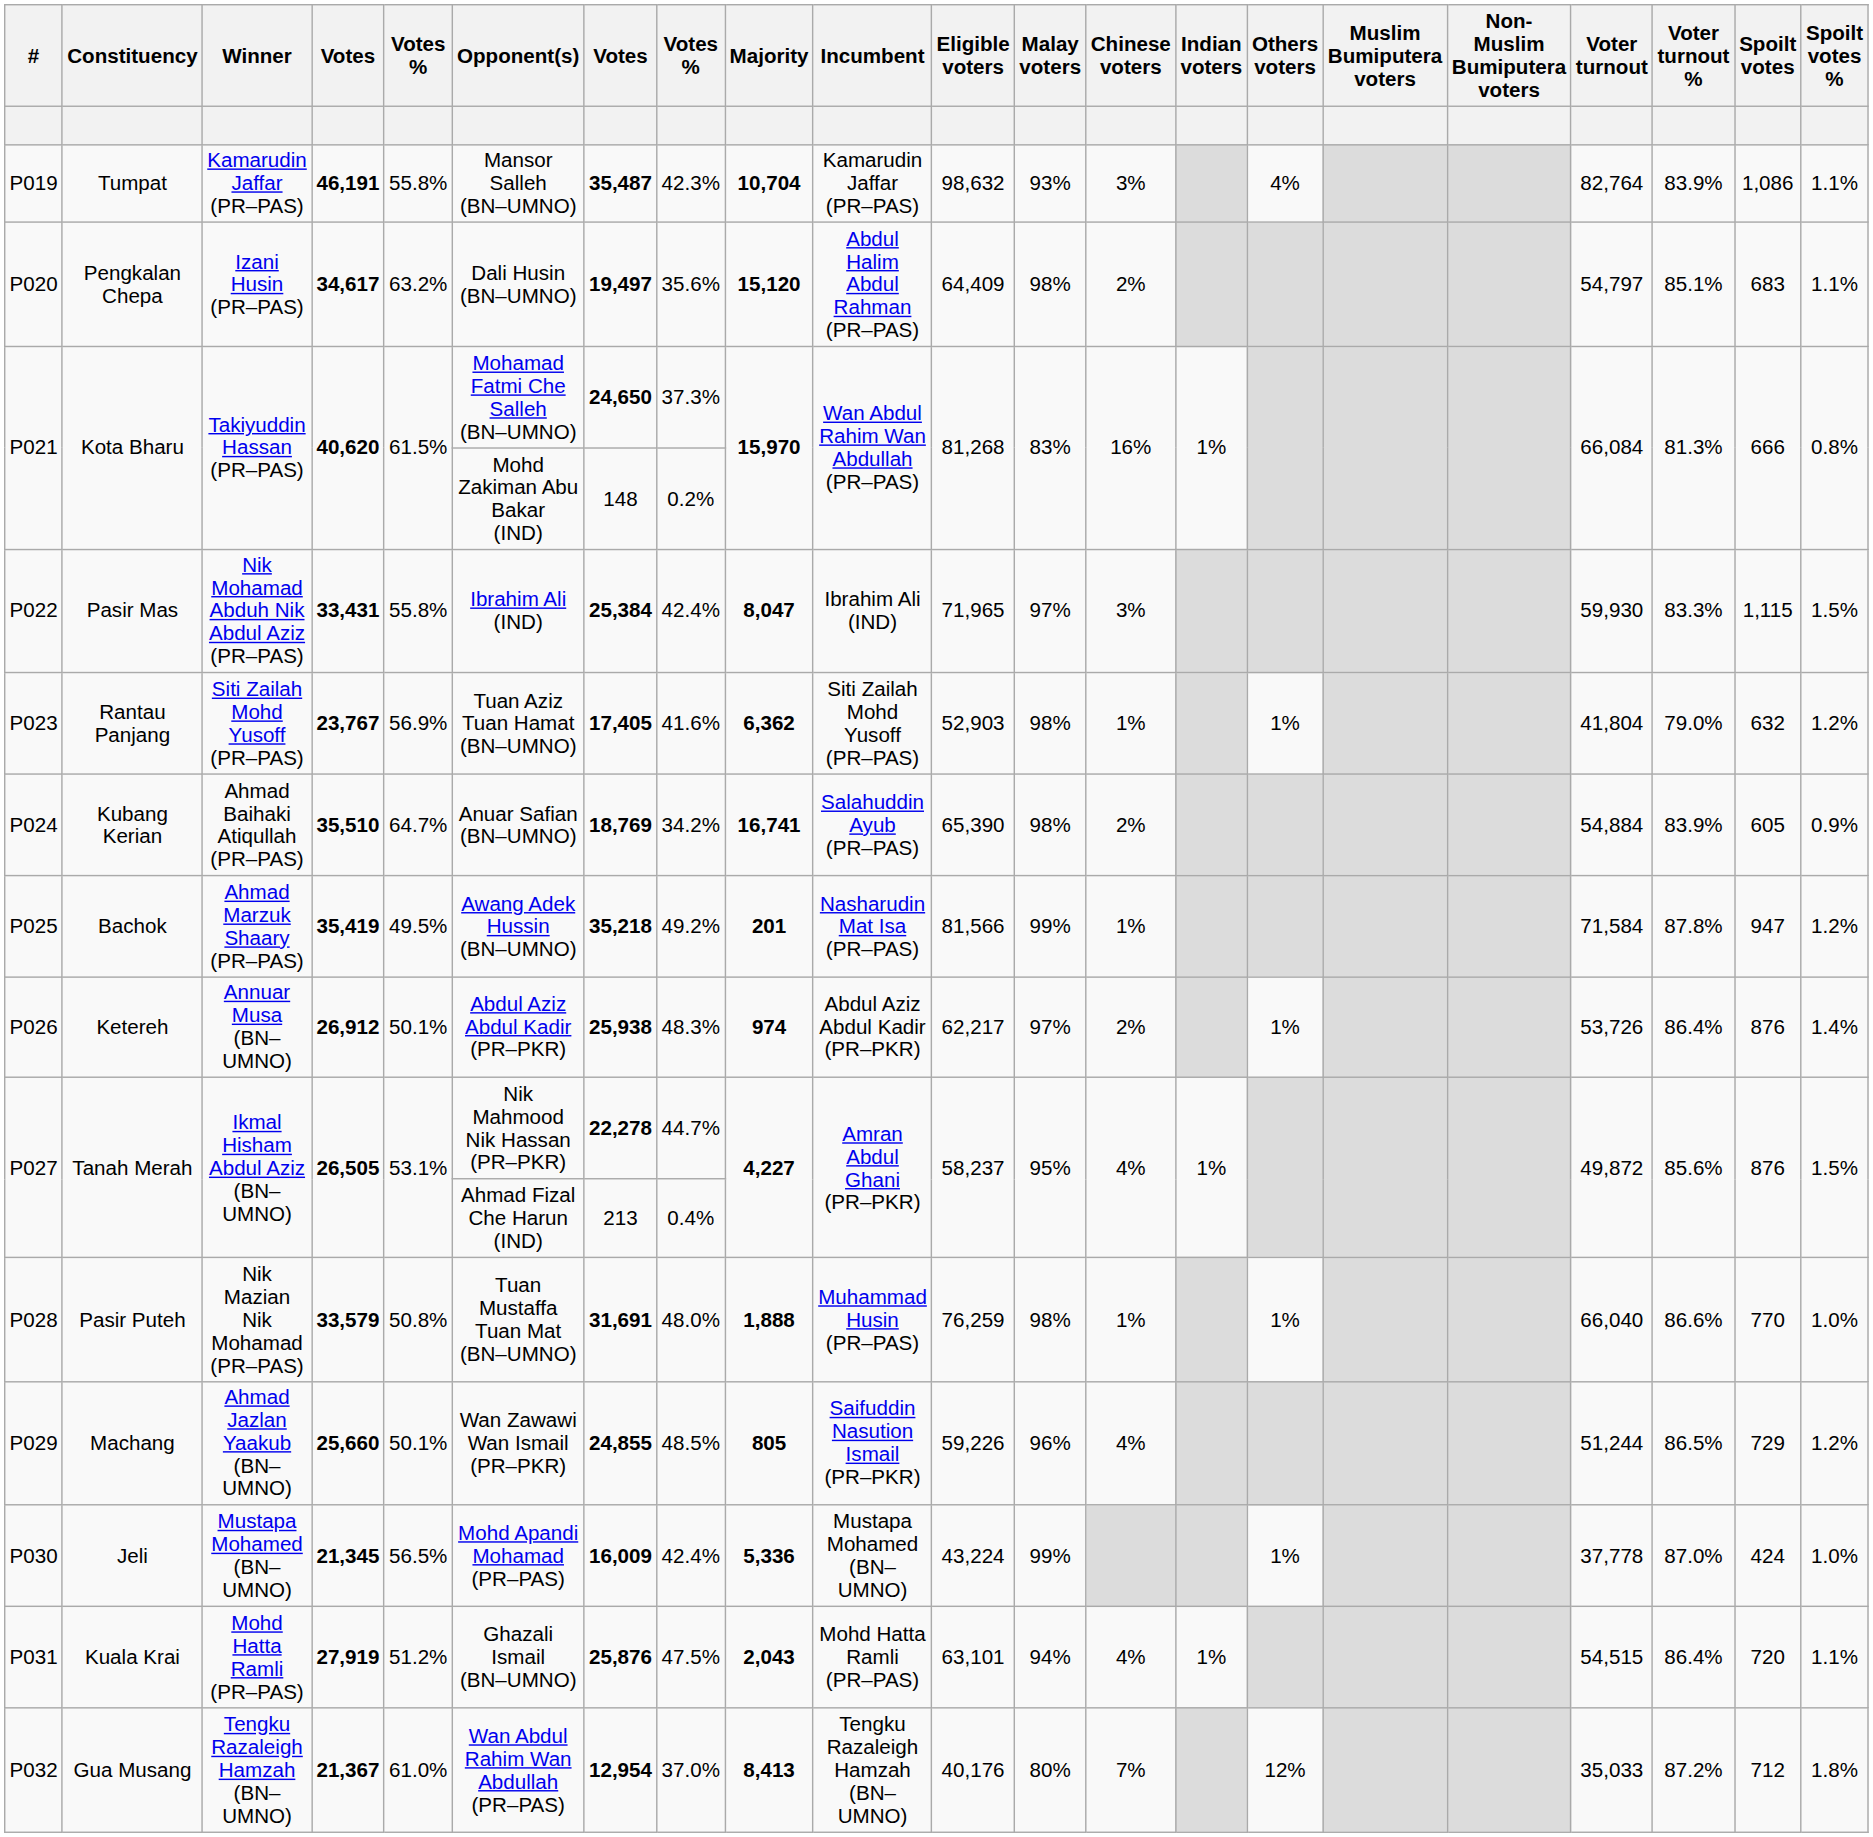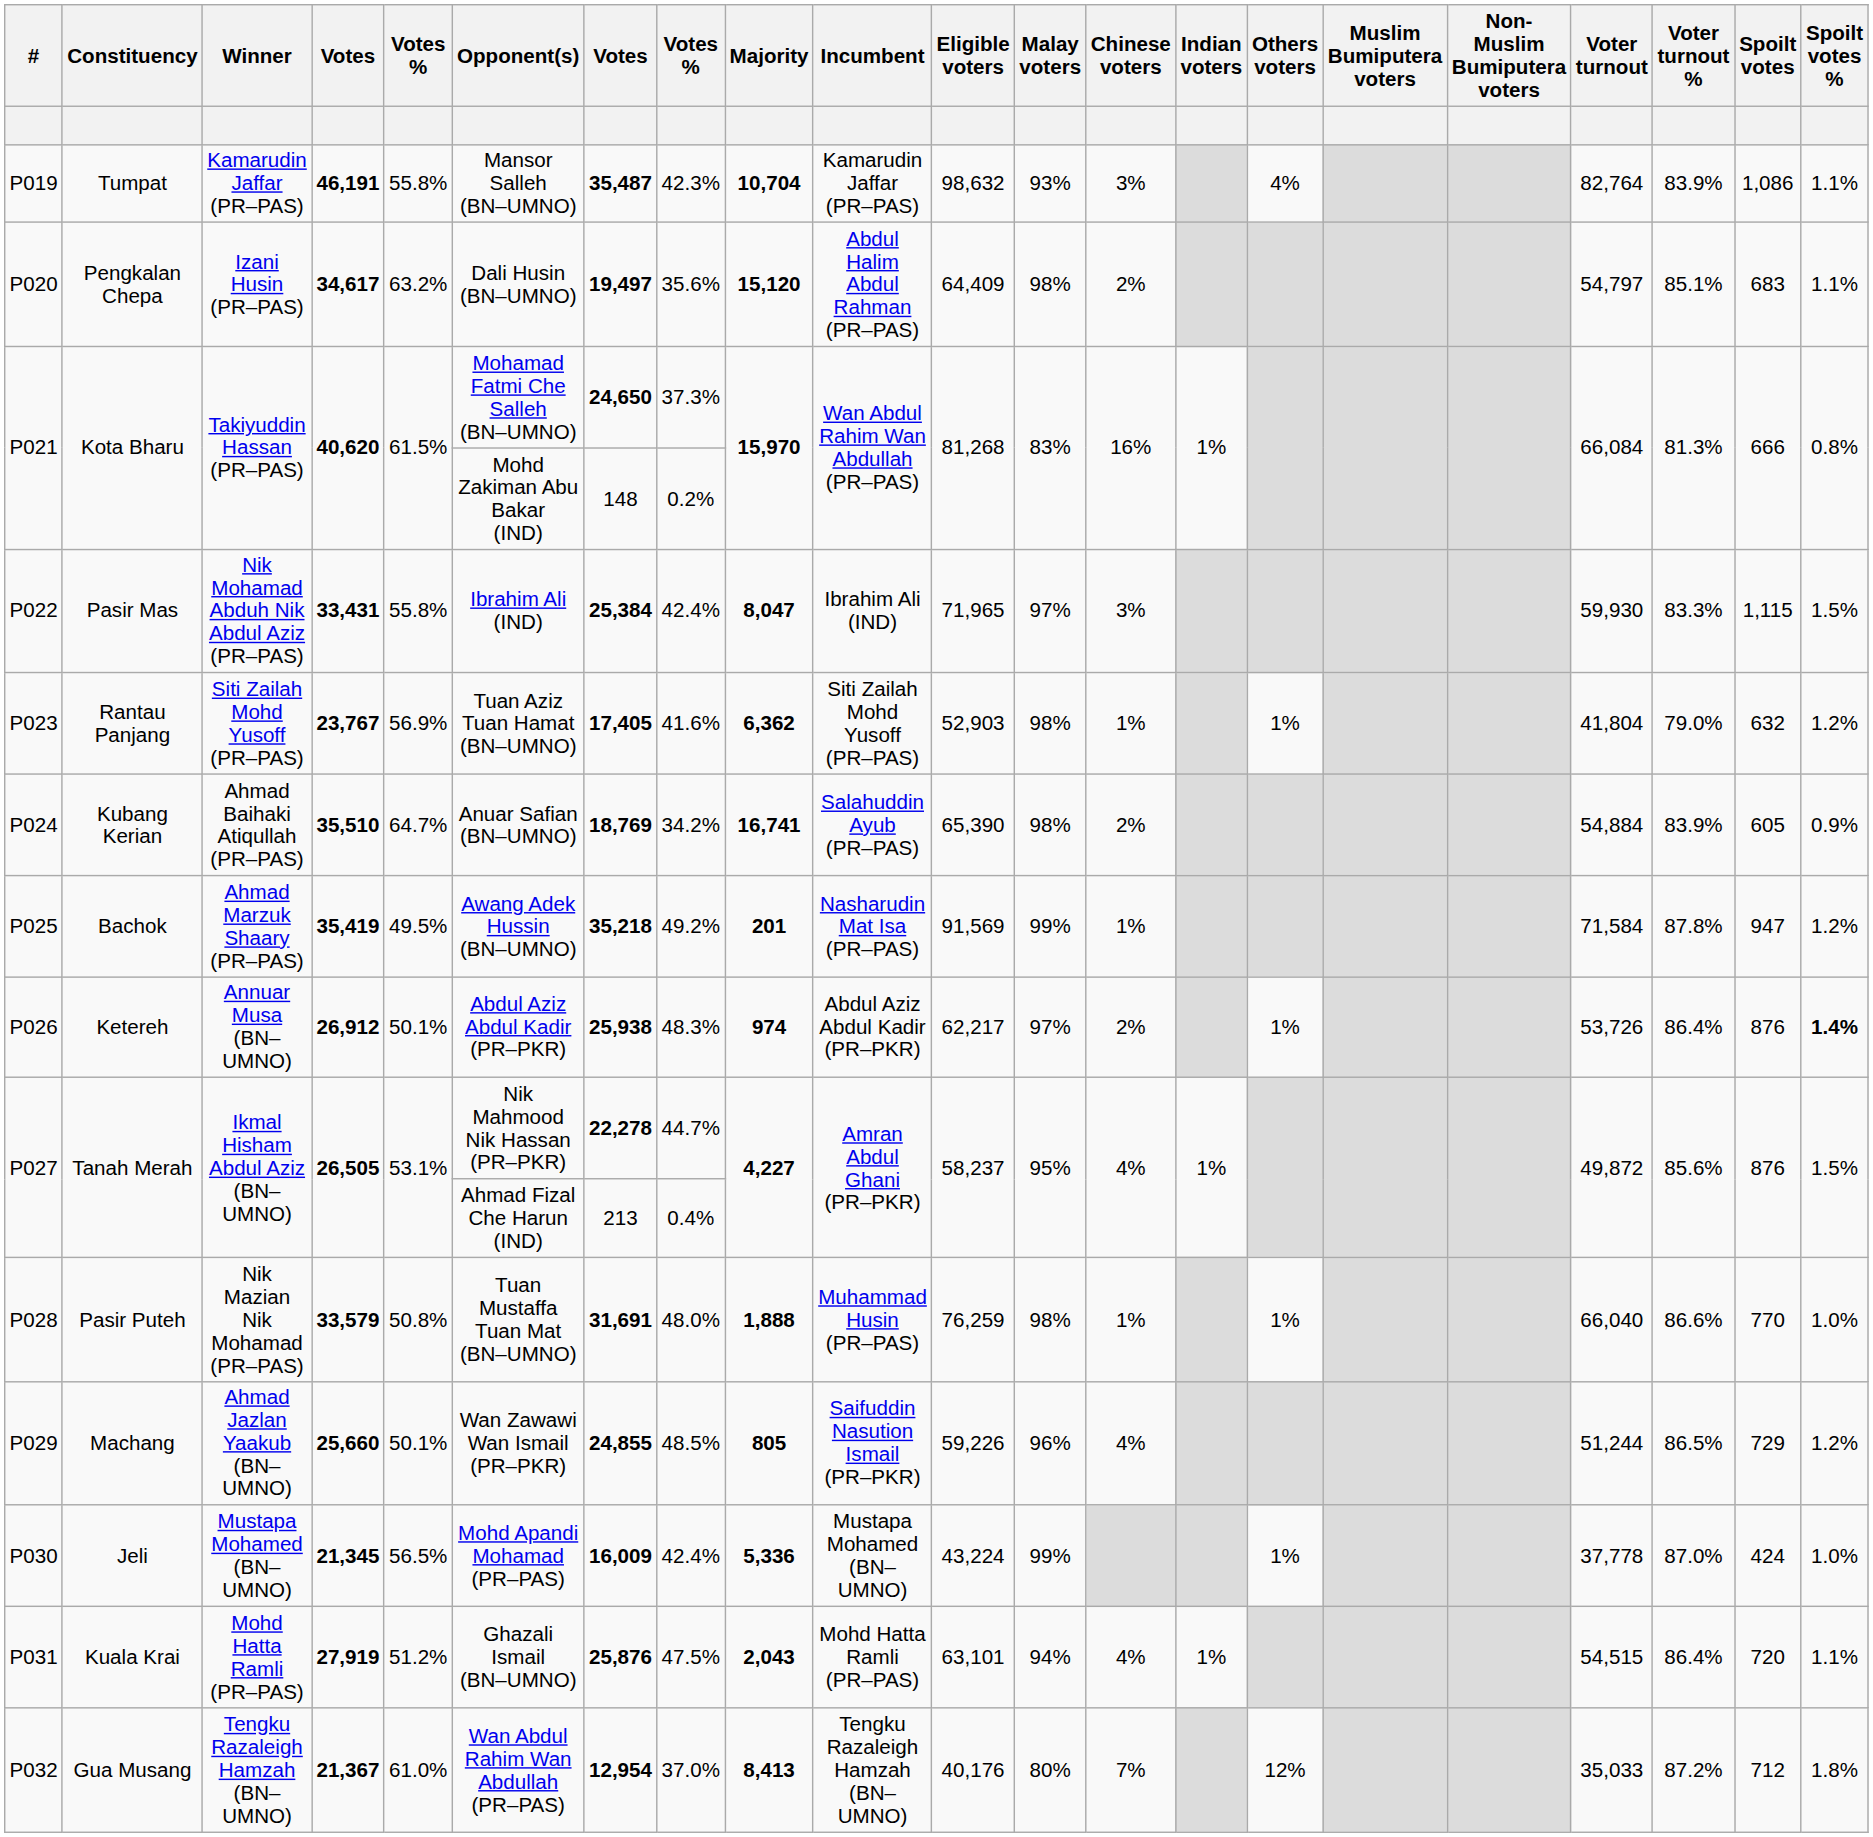 <table class="wikitable sortable" style="text-align:center; font-size:90%">
 <tr>
 <th width="30">#</th>
 <th width="60">Constituency</th>
 <th width="150">Winner</th>
 <th width="50">Votes</th>
 <th width="50">Votes %</th>
 <th width="150">Opponent(s)</th>
 <th width="50">Votes</th>
 <th width="50">Votes %</th>
 <th width="50">Majority</th>
 <th width="150">Incumbent</th>
 <th width="50">Eligible voters</th>
 <th width="50">Malay voters</th>
 <th width="50">Chinese voters</th>
 <th width="50">Indian voters</th>
 <th width="50">Others voters</th>
 <th width="50">Muslim Bumiputera voters</th>
 <th width="50">Non-Muslim Bumiputera voters</th>
 <th width="50">Voter turnout</th>
 <th width="50">Voter turnout %</th>
 <th width="50">Spoilt votes</th>
 <th width="50">Spoilt votes %</th>
 </tr>
 <tr>
 <th height="20"></th>
 <th></th>
 <th></th>
 <th></th>
 <th></th>
 <th></th>
 <th></th>
 <th></th>
 <th></th>
 <th></th>
 <th></th>
 <th></th>
 <th></th>
 <th></th>
 <th></th>
 <th></th>
 <th></th>
 <th></th>
 <th></th>
 <th></th>
 <th></th>
 </tr>
 <tr>
 <td>P019</td>
 <td>Tumpat</td>
 <td><a href='#'>Kamarudin Jaffar</a><br>(PR–PAS)</td>
 <td><strong>46,191</strong></td>
 <td>55.8%</td>
 <td>Mansor Salleh<br>(BN–UMNO)</td>
 <td><strong>35,487</strong></td>
 <td>42.3%</td>
 <td><strong>10,704</strong></td>
 <td>Kamarudin Jaffar<br>(PR–PAS)</td>
 <td>98,632</td>
 <td>93%</td>
 <td>3%</td>
 <td bgcolor="dcdcdc"></td>
 <td>4%</td>
 <td bgcolor="dcdcdc"></td>
 <td bgcolor="dcdcdc"></td>
 <td>82,764</td>
 <td>83.9%</td>
 <td>1,086</td>
 <td>1.1%</td>
 </tr>
 <tr>
 <td>P020</td>
 <td>Pengkalan Chepa</td>
 <td><a href='#'>Izani Husin</a><br>(PR–PAS)</td>
 <td><strong>34,617</strong></td>
 <td>63.2%</td>
 <td>Dali Husin<br>(BN–UMNO)</td>
 <td><strong>19,497</strong></td>
 <td>35.6%</td>
 <td><strong>15,120</strong></td>
 <td><a href='#'>Abdul Halim Abdul Rahman</a><br>(PR–PAS)</td>
 <td>64,409</td>
 <td>98%</td>
 <td>2%</td>
 <td bgcolor="dcdcdc"></td>
 <td bgcolor="dcdcdc"></td>
 <td bgcolor="dcdcdc"></td>
 <td bgcolor="dcdcdc"></td>
 <td>54,797</td>
 <td>85.1%</td>
 <td>683</td>
 <td>1.1%</td>
 </tr>
 <tr>
 <td rowspan="2">P021</td>
 <td rowspan="2">Kota Bharu</td>
 <td rowspan="2"><a href='#'>Takiyuddin Hassan</a><br>(PR–PAS)</td>
 <td rowspan="2"><strong>40,620</strong></td>
 <td rowspan="2">61.5%</td>
 <td><a href='#'>Mohamad Fatmi Che Salleh</a><br>(BN–UMNO)</td>
 <td><strong>24,650</strong></td>
 <td>37.3%</td>
 <td rowspan="2"><strong>15,970</strong></td>
 <td rowspan="2"><a href='#'>Wan Abdul Rahim Wan Abdullah</a><br>(PR–PAS)</td>
 <td rowspan="2">81,268</td>
 <td rowspan="2">83%</td>
 <td rowspan="2">16%</td>
 <td rowspan="2">1%</td>
 <td rowspan="2" bgcolor="dcdcdc"></td>
 <td rowspan="2" bgcolor="dcdcdc"></td>
 <td rowspan="2" bgcolor="dcdcdc"></td>
 <td rowspan="2">66,084</td>
 <td rowspan="2">81.3%</td>
 <td rowspan="2">666</td>
 <td rowspan="2">0.8%</td>
 </tr>
 <tr>
 <td>Mohd Zakiman Abu Bakar<br>(IND)</td>
 <td>148</td>
 <td>0.2%</td>
 </tr>
 <tr>
 <td>P022</td>
 <td>Pasir Mas</td>
 <td><a href='#'>Nik Mohamad Abduh Nik Abdul Aziz</a><br>(PR–PAS)</td>
 <td><strong>33,431</strong></td>
 <td>55.8%</td>
 <td><a href='#'>Ibrahim Ali</a><br>(IND)</td>
 <td><strong>25,384</strong></td>
 <td>42.4%</td>
 <td><strong>8,047</strong></td>
 <td>Ibrahim Ali<br>(IND)</td>
 <td>71,965</td>
 <td>97%</td>
 <td>3%</td>
 <td bgcolor="dcdcdc"></td>
 <td bgcolor="dcdcdc"></td>
 <td bgcolor="dcdcdc"></td>
 <td bgcolor="dcdcdc"></td>
 <td>59,930</td>
 <td>83.3%</td>
 <td>1,115</td>
 <td>1.5%</td>
 </tr>
 <tr>
 <td>P023</td>
 <td>Rantau Panjang</td>
 <td><a href='#'>Siti Zailah Mohd Yusoff</a><br>(PR–PAS)</td>
 <td><strong>23,767</strong></td>
 <td>56.9%</td>
 <td>Tuan Aziz Tuan Hamat<br>(BN–UMNO)</td>
 <td><strong>17,405</strong></td>
 <td>41.6%</td>
 <td><strong>6,362</strong></td>
 <td>Siti Zailah Mohd Yusoff<br>(PR–PAS)</td>
 <td>52,903</td>
 <td>98%</td>
 <td>1%</td>
 <td bgcolor="dcdcdc"></td>
 <td>1%</td>
 <td bgcolor="dcdcdc"></td>
 <td bgcolor="dcdcdc"></td>
 <td>41,804</td>
 <td>79.0%</td>
 <td>632</td>
 <td>1.2%</td>
 </tr>
 <tr>
 <td>P024</td>
 <td>Kubang Kerian</td>
 <td>Ahmad Baihaki Atiqullah<br>(PR–PAS)</td>
 <td><strong>35,510</strong></td>
 <td>64.7%</td>
 <td>Anuar Safian<br>(BN–UMNO)</td>
 <td><strong>18,769</strong></td>
 <td>34.2%</td>
 <td><strong>16,741</strong></td>
 <td><a href='#'>Salahuddin Ayub</a><br>(PR–PAS)</td>
 <td>65,390</td>
 <td>98%</td>
 <td>2%</td>
 <td bgcolor="dcdcdc"></td>
 <td bgcolor="dcdcdc"></td>
 <td bgcolor="dcdcdc"></td>
 <td bgcolor="dcdcdc"></td>
 <td>54,884</td>
 <td>83.9%</td>
 <td>605</td>
 <td>0.9%</td>
 </tr>
 <tr>
 <td>P025</td>
 <td>Bachok</td>
 <td><a href='#'>Ahmad Marzuk Shaary</a><br>(PR–PAS)</td>
 <td><strong>35,419</strong></td>
 <td>49.5%</td>
 <td><a href='#'>Awang Adek Hussin</a><br>(BN–UMNO)</td>
 <td><strong>35,218</strong></td>
 <td>49.2%</td>
 <td><strong>201</strong></td>
 <td><a href='#'>Nasharudin Mat Isa</a><br>(PR–PAS)</td>
-<td>81,566</td>
+<td>91,569</td>
 <td>99%</td>
 <td>1%</td>
 <td bgcolor="dcdcdc"></td>
 <td bgcolor="dcdcdc"></td>
 <td bgcolor="dcdcdc"></td>
 <td bgcolor="dcdcdc"></td>
 <td>71,584</td>
 <td>87.8%</td>
 <td>947</td>
 <td>1.2%</td>
 </tr>
 <tr>
 <td>P026</td>
 <td>Ketereh</td>
 <td><a href='#'>Annuar Musa</a><br>(BN–UMNO)</td>
 <td><strong>26,912</strong></td>
 <td>50.1%</td>
 <td><a href='#'>Abdul Aziz Abdul Kadir</a><br>(PR–PKR)</td>
 <td><strong>25,938</strong></td>
 <td>48.3%</td>
 <td><strong>974</strong></td>
 <td>Abdul Aziz Abdul Kadir<br>(PR–PKR)</td>
 <td>62,217</td>
 <td>97%</td>
 <td>2%</td>
 <td bgcolor="dcdcdc"></td>
 <td>1%</td>
 <td bgcolor="dcdcdc"></td>
 <td bgcolor="dcdcdc"></td>
 <td>53,726</td>
 <td>86.4%</td>
 <td>876</td>
-<td>1.4%</td>
+<td><strong>1.4%</strong></td>
 </tr>
 <tr>
 <td rowspan="2">P027</td>
 <td rowspan="2">Tanah Merah</td>
 <td rowspan="2"><a href='#'>Ikmal Hisham Abdul Aziz</a><br>(BN–UMNO)</td>
 <td rowspan="2"><strong>26,505</strong></td>
 <td rowspan="2">53.1%</td>
 <td>Nik Mahmood Nik Hassan<br>(PR–PKR)</td>
 <td><strong>22,278</strong></td>
 <td>44.7%</td>
 <td rowspan="2"><strong>4,227</strong></td>
 <td rowspan="2"><a href='#'>Amran Abdul Ghani</a><br>(PR–PKR)</td>
 <td rowspan="2">58,237</td>
 <td rowspan="2">95%</td>
 <td rowspan="2">4%</td>
 <td rowspan="2">1%</td>
 <td rowspan="2" bgcolor="dcdcdc"></td>
 <td rowspan="2" bgcolor="dcdcdc"></td>
 <td rowspan="2" bgcolor="dcdcdc"></td>
 <td rowspan="2">49,872</td>
 <td rowspan="2">85.6%</td>
 <td rowspan="2">876</td>
 <td rowspan="2">1.5%</td>
 </tr>
 <tr>
 <td>Ahmad Fizal Che Harun<br>(IND)</td>
 <td>213</td>
 <td>0.4%</td>
 </tr>
 <tr>
 <td>P028</td>
 <td>Pasir Puteh</td>
 <td>Nik Mazian Nik Mohamad<br>(PR–PAS)</td>
 <td><strong>33,579</strong></td>
 <td>50.8%</td>
 <td>Tuan Mustaffa Tuan Mat<br>(BN–UMNO)</td>
 <td><strong>31,691</strong></td>
 <td>48.0%</td>
 <td><strong>1,888</strong></td>
 <td><a href='#'>Muhammad Husin</a><br>(PR–PAS)</td>
 <td>76,259</td>
 <td>98%</td>
 <td>1%</td>
 <td bgcolor="dcdcdc"></td>
 <td>1%</td>
 <td bgcolor="dcdcdc"></td>
 <td bgcolor="dcdcdc"></td>
 <td>66,040</td>
 <td>86.6%</td>
 <td>770</td>
 <td>1.0%</td>
 </tr>
 <tr>
 <td>P029</td>
 <td>Machang</td>
 <td><a href='#'>Ahmad Jazlan Yaakub</a><br>(BN–UMNO)</td>
 <td><strong>25,660</strong></td>
 <td>50.1%</td>
 <td>Wan Zawawi Wan Ismail<br>(PR–PKR)</td>
 <td><strong>24,855</strong></td>
 <td>48.5%</td>
 <td><strong>805</strong></td>
 <td><a href='#'>Saifuddin Nasution Ismail</a><br>(PR–PKR)</td>
 <td>59,226</td>
 <td>96%</td>
 <td>4%</td>
 <td bgcolor="dcdcdc"></td>
 <td bgcolor="dcdcdc"></td>
 <td bgcolor="dcdcdc"></td>
 <td bgcolor="dcdcdc"></td>
 <td>51,244</td>
 <td>86.5%</td>
 <td>729</td>
 <td>1.2%</td>
 </tr>
 <tr>
 <td>P030</td>
 <td>Jeli</td>
 <td><a href='#'>Mustapa Mohamed</a><br>(BN–UMNO)</td>
 <td><strong>21,345</strong></td>
 <td>56.5%</td>
 <td><a href='#'>Mohd Apandi Mohamad</a><br>(PR–PAS)</td>
 <td><strong>16,009</strong></td>
 <td>42.4%</td>
 <td><strong>5,336</strong></td>
 <td>Mustapa Mohamed<br>(BN–UMNO)</td>
 <td>43,224</td>
 <td>99%</td>
 <td bgcolor="dcdcdc"></td>
 <td bgcolor="dcdcdc"></td>
 <td>1%</td>
 <td bgcolor="dcdcdc"></td>
 <td bgcolor="dcdcdc"></td>
 <td>37,778</td>
 <td>87.0%</td>
 <td>424</td>
 <td>1.0%</td>
 </tr>
 <tr>
 <td>P031</td>
 <td>Kuala Krai</td>
 <td><a href='#'>Mohd Hatta Ramli</a><br>(PR–PAS)</td>
 <td><strong>27,919</strong></td>
 <td>51.2%</td>
 <td>Ghazali Ismail<br>(BN–UMNO)</td>
 <td><strong>25,876</strong></td>
 <td>47.5%</td>
 <td><strong>2,043</strong></td>
 <td>Mohd Hatta Ramli<br>(PR–PAS)</td>
 <td>63,101</td>
 <td>94%</td>
 <td>4%</td>
 <td>1%</td>
 <td bgcolor="dcdcdc"></td>
 <td bgcolor="dcdcdc"></td>
 <td bgcolor="dcdcdc"></td>
 <td>54,515</td>
 <td>86.4%</td>
 <td>720</td>
 <td>1.1%</td>
 </tr>
 <tr>
 <td>P032</td>
 <td>Gua Musang</td>
 <td><a href='#'>Tengku Razaleigh Hamzah</a><br>(BN–UMNO)</td>
 <td><strong>21,367</strong></td>
 <td>61.0%</td>
 <td><a href='#'>Wan Abdul Rahim Wan Abdullah</a><br>(PR–PAS)</td>
 <td><strong>12,954</strong></td>
 <td>37.0%</td>
 <td><strong>8,413</strong></td>
 <td>Tengku Razaleigh Hamzah<br>(BN–UMNO)</td>
 <td>40,176</td>
 <td>80%</td>
 <td>7%</td>
 <td bgcolor="dcdcdc"></td>
 <td>12%</td>
 <td bgcolor="dcdcdc"></td>
 <td bgcolor="dcdcdc"></td>
 <td>35,033</td>
 <td>87.2%</td>
 <td>712</td>
 <td>1.8%</td>
 </tr>
 </table>
